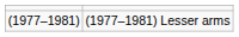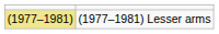 <table class="wikitable">
 <tr>
 <td></td>
 <td></td>
 </tr>
 <tr>
-<td>(1977–1981)</td>
+<td style="background: khaki;">(1977–1981)</td>
 <td>(1977–1981) Lesser arms</td>
 </tr>
 </table>
